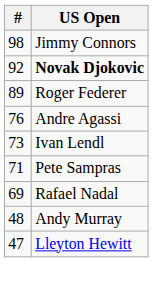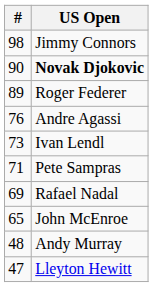 <table class="wikitable" style="display:inline-table;">
 <tr>
 <th width="20">#</th>
 <th>US Open</th>
 </tr>
 <tr>
 <td>98</td>
 <td> Jimmy Connors</td>
 </tr>
 <tr>
-<td>92</td>
+<td>90</td>
 <td> <strong>Novak Djokovic</strong></td>
 </tr>
 <tr>
 <td>89</td>
 <td> Roger Federer</td>
 </tr>
 <tr>
 <td>76</td>
 <td> Andre Agassi</td>
 </tr>
 <tr>
 <td>73</td>
 <td> Ivan Lendl</td>
 </tr>
 <tr>
 <td>71</td>
 <td> Pete Sampras</td>
 </tr>
 <tr>
 <td>69</td>
 <td> Rafael Nadal</td>
 </tr>
 <tr>
+<td>65</td>
+<td> John McEnroe</td>
+</tr>
+<tr>
 <td>48</td>
 <td> Andy Murray</td>
 </tr>
 <tr>
 <td>47</td>
 <td> <a href='#'>Lleyton Hewitt</a></td>
 </tr>
 </table>
